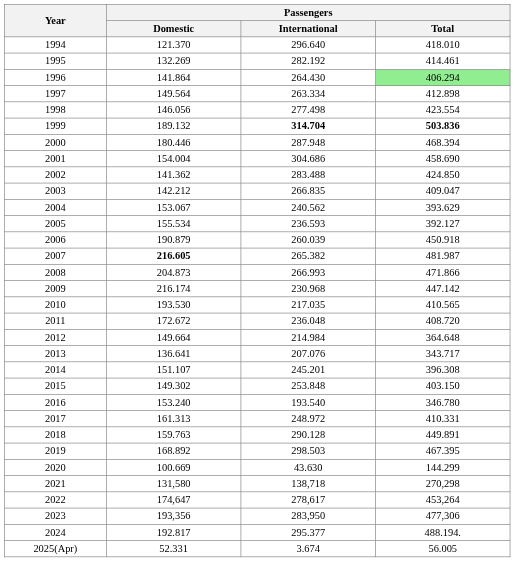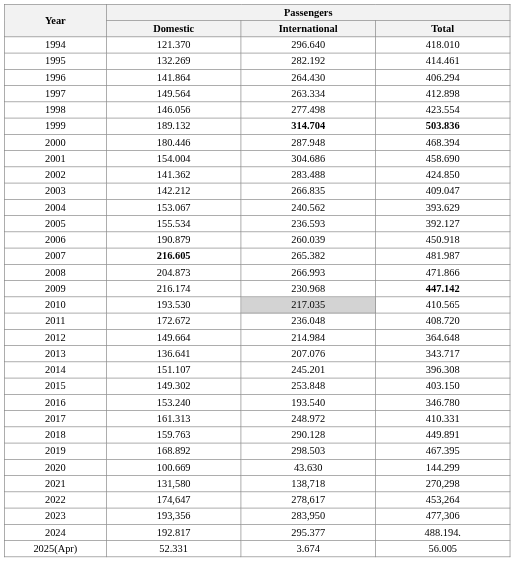 <table class="toccolours" border="1" cellpadding="3" style="border-collapse:collapse">
 <tr style="background:#f2f2f2;">
 <th style="text-align:center; width:150px;" rowspan="2">Year</th>
 <th style="text-align:center; width:200px;" colspan="3">Passengers</th>
 </tr>
 <tr style="background:#f2f2f2;">
 <th style="text-align:center; width:200px;">Domestic</th>
 <th style="text-align:center; width:200px;">International</th>
 <th style="text-align:center; width:200px;">Total</th>
 </tr>
 <tr>
 <td style="text-align:center; width:150px;">1994</td>
 <td style="text-align:center; width:150px;">121.370</td>
 <td style="text-align:center; width:150px;">296.640</td>
 <td style="text-align:center; width:150px;">418.010</td>
 </tr>
 <tr>
 <td style="text-align:center; width:150px;">1995</td>
 <td style="text-align:center; width:150px;">132.269</td>
 <td style="text-align:center; width:150px;">282.192</td>
 <td style="text-align:center; width:150px;">414.461</td>
 </tr>
 <tr>
 <td style="text-align:center; width:150px;">1996</td>
 <td style="text-align:center; width:150px;">141.864</td>
 <td style="text-align:center; width:150px;">264.430</td>
-<td style="background: lightgreen; text-align:center; width:150px;">406.294</td>
+<td style="text-align:center; width:150px;">406.294</td>
 </tr>
 <tr>
 <td style="text-align:center; width:150px;">1997</td>
 <td style="text-align:center; width:150px;">149.564</td>
 <td style="text-align:center; width:150px;">263.334</td>
 <td style="text-align:center; width:150px;">412.898</td>
 </tr>
 <tr>
 <td style="text-align:center; width:150px;">1998</td>
 <td style="text-align:center; width:150px;">146.056</td>
 <td style="text-align:center; width:150px;">277.498</td>
 <td style="text-align:center; width:150px;">423.554</td>
 </tr>
 <tr>
 <td style="text-align:center; width:150px;">1999</td>
 <td style="text-align:center; width:150px;">189.132</td>
 <td style="text-align:center; width:150px;"><strong>314.704</strong></td>
 <td style="text-align:center; width:150px;"><strong>503.836</strong></td>
 </tr>
 <tr>
 <td style="text-align:center; width:150px;">2000</td>
 <td style="text-align:center; width:150px;">180.446</td>
 <td style="text-align:center; width:150px;">287.948</td>
 <td style="text-align:center; width:150px;">468.394</td>
 </tr>
 <tr>
 <td style="text-align:center; width:150px;">2001</td>
 <td style="text-align:center; width:150px;">154.004</td>
 <td style="text-align:center; width:150px;">304.686</td>
 <td style="text-align:center; width:150px;">458.690</td>
 </tr>
 <tr>
 <td style="text-align:center; width:150px;">2002</td>
 <td style="text-align:center; width:150px;">141.362</td>
 <td style="text-align:center; width:150px;">283.488</td>
 <td style="text-align:center; width:150px;">424.850</td>
 </tr>
 <tr>
 <td style="text-align:center; width:150px;">2003</td>
 <td style="text-align:center; width:150px;">142.212</td>
 <td style="text-align:center; width:150px;">266.835</td>
 <td style="text-align:center; width:150px;">409.047</td>
 </tr>
 <tr>
 <td style="text-align:center; width:150px;">2004</td>
 <td style="text-align:center; width:150px;">153.067</td>
 <td style="text-align:center; width:150px;">240.562</td>
 <td style="text-align:center; width:150px;">393.629</td>
 </tr>
 <tr>
 <td style="text-align:center; width:150px;">2005</td>
 <td style="text-align:center; width:150px;">155.534</td>
 <td style="text-align:center; width:150px;">236.593</td>
 <td style="text-align:center; width:150px;">392.127</td>
 </tr>
 <tr>
 <td style="text-align:center; width:150px;">2006</td>
 <td style="text-align:center; width:150px;">190.879</td>
 <td style="text-align:center; width:150px;">260.039</td>
 <td style="text-align:center; width:150px;">450.918</td>
 </tr>
 <tr>
 <td style="text-align:center; width:150px;">2007</td>
 <td style="text-align:center; width:150px;"><strong>216.605</strong></td>
 <td style="text-align:center; width:150px;">265.382</td>
 <td style="text-align:center; width:150px;">481.987</td>
 </tr>
 <tr>
 <td style="text-align:center; width:150px;">2008</td>
 <td style="text-align:center; width:150px;">204.873</td>
 <td style="text-align:center; width:150px;">266.993</td>
 <td style="text-align:center; width:150px;">471.866</td>
 </tr>
 <tr>
 <td style="text-align:center; width:150px;">2009</td>
 <td style="text-align:center; width:150px;">216.174</td>
 <td style="text-align:center; width:150px;">230.968</td>
-<td style="text-align:center; width:150px;">447.142</td>
+<td style="text-align:center; width:150px;"><strong>447.142</strong></td>
 </tr>
 <tr>
 <td style="text-align:center; width:150px;">2010</td>
 <td style="text-align:center; width:150px;">193.530</td>
-<td style="text-align:center; width:150px;">217.035</td>
+<td style="background: lightgrey; text-align:center; width:150px;">217.035</td>
 <td style="text-align:center; width:150px;">410.565</td>
 </tr>
 <tr>
 <td style="text-align:center; width:150px;">2011</td>
 <td style="text-align:center; width:150px;">172.672</td>
 <td style="text-align:center; width:150px;">236.048</td>
 <td style="text-align:center; width:150px;">408.720</td>
 </tr>
 <tr>
 <td style="text-align:center; width:150px;">2012</td>
 <td style="text-align:center; width:150px;">149.664</td>
 <td style="text-align:center; width:150px;">214.984</td>
 <td style="text-align:center; width:150px;">364.648</td>
 </tr>
 <tr>
 <td style="text-align:center; width:150px;">2013</td>
 <td style="text-align:center; width:150px;">136.641</td>
 <td style="text-align:center; width:150px;">207.076</td>
 <td style="text-align:center; width:150px;">343.717</td>
 </tr>
 <tr>
 <td style="text-align:center; width:150px;">2014</td>
 <td style="text-align:center; width:150px;">151.107</td>
 <td style="text-align:center; width:150px;">245.201</td>
 <td style="text-align:center; width:150px;">396.308</td>
 </tr>
 <tr>
 <td style="text-align:center; width:150px;">2015</td>
 <td style="text-align:center; width:150px;">149.302</td>
 <td style="text-align:center; width:150px;">253.848</td>
 <td style="text-align:center; width:150px;">403.150</td>
 </tr>
 <tr>
 <td style="text-align:center; width:150px;">2016</td>
 <td style="text-align:center; width:150px;">153.240</td>
 <td style="text-align:center; width:150px;">193.540</td>
 <td style="text-align:center; width:150px;">346.780</td>
 </tr>
 <tr>
 <td style="text-align:center; width:150px;">2017</td>
 <td style="text-align:center; width:150px;">161.313</td>
 <td style="text-align:center; width:150px;">248.972</td>
 <td style="text-align:center; width:150px;">410.331</td>
 </tr>
 <tr>
 <td style="text-align:center; width:150px;">2018</td>
 <td style="text-align:center; width:150px;">159.763</td>
 <td style="text-align:center; width:150px;">290.128</td>
 <td style="text-align:center; width:150px;">449.891</td>
 </tr>
 <tr>
 <td style="text-align:center; width:150px;">2019</td>
 <td style="text-align:center; width:150px;">168.892</td>
 <td style="text-align:center; width:150px;">298.503</td>
 <td style="text-align:center; width:150px;">467.395</td>
 </tr>
 <tr>
 <td style="text-align:center; width:150px;">2020</td>
 <td style="text-align:center; width:150px;">100.669</td>
 <td style="text-align:center; width:150px;">43.630</td>
 <td style="text-align:center; width:150px;">144.299</td>
 </tr>
 <tr>
 <td style="text-align:center; width:150px;">2021</td>
 <td style="text-align:center; width:150px;">131,580</td>
 <td style="text-align:center; width:150px;">138,718</td>
 <td style="text-align:center; width:150px;">270,298</td>
 </tr>
 <tr>
 <td style="text-align:center; width:150px;">2022</td>
 <td style="text-align:center; width:150px;">174,647</td>
 <td style="text-align:center; width:150px;">278,617</td>
 <td style="text-align:center; width:150px;">453,264</td>
 </tr>
 <tr>
 <td style="text-align:center; width:150px;">2023</td>
 <td style="text-align:center; width:150px;">193,356</td>
 <td style="text-align:center; width:150px;">283,950</td>
 <td style="text-align:center; width:150px;">477,306</td>
 </tr>
 <tr>
 <td style="text-align:center; width:150px;">2024</td>
 <td style="text-align:center; width:150px;">192.817</td>
 <td style="text-align:center; width:150px;">295.377</td>
 <td style="text-align:center; width:150px;">488.194.</td>
 </tr>
 <tr>
 <td style="text-align:center; width:150px;">2025(Apr)</td>
 <td style="text-align:center; width:150px;">52.331</td>
 <td style="text-align:center; width:150px;">3.674</td>
 <td style="text-align:center; width:150px;">56.005</td>
 </tr>
 </table>
